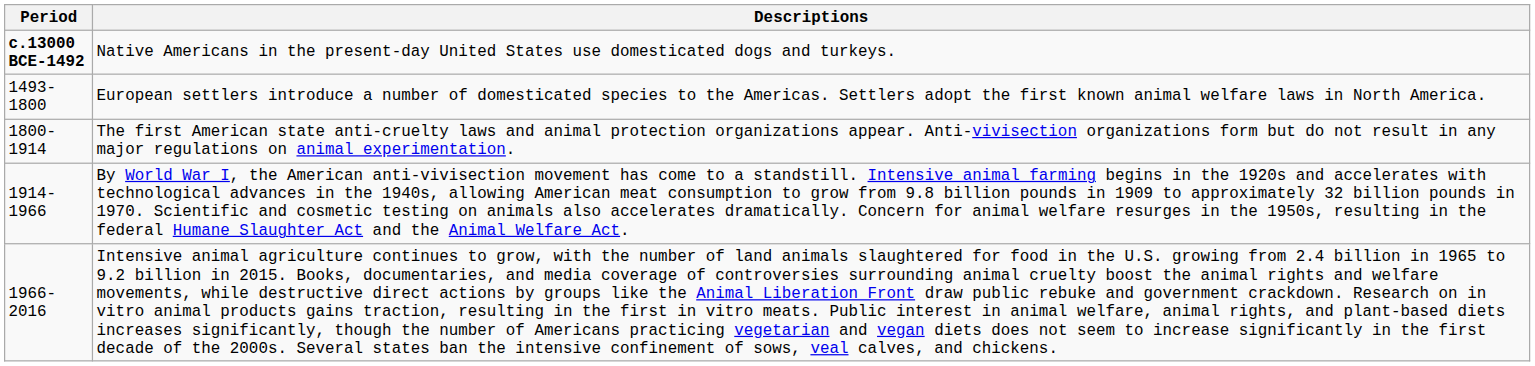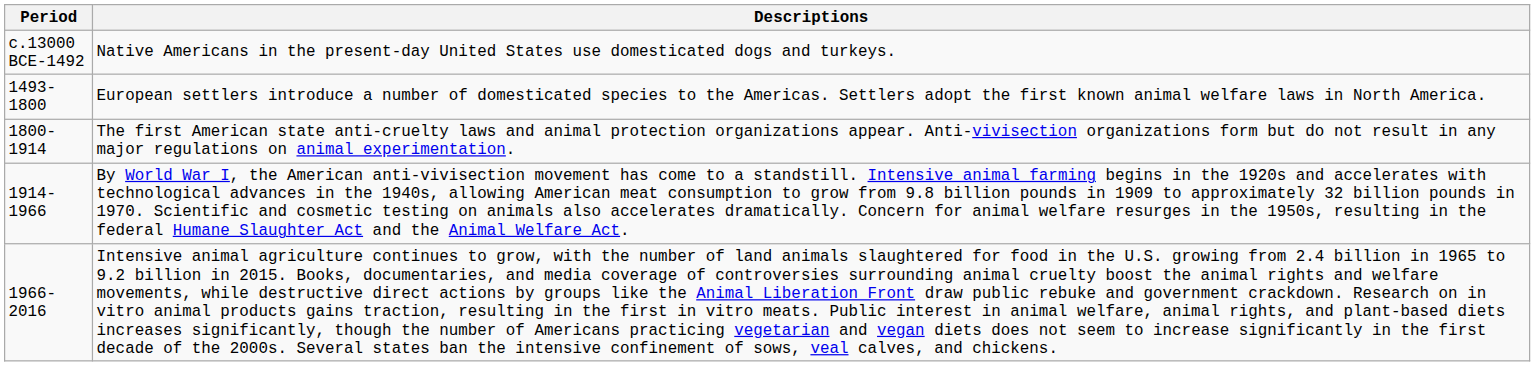 <table class="sortable wikitable">
 <tr>
 <th>Period</th>
 <th>Descriptions</th>
 </tr>
 <tr>
-<td><strong>c.13000 BCE-1492</strong></td>
+<td>c.13000 BCE-1492</td>
 <td>Native Americans in the present-day United States use domesticated dogs and turkeys.</td>
 </tr>
 <tr>
 <td>1493-1800</td>
 <td>European settlers introduce a number of domesticated species to the Americas. Settlers adopt the first known animal welfare laws in North America.</td>
 </tr>
 <tr>
 <td>1800-1914</td>
 <td>The first American state anti-cruelty laws and animal protection organizations appear. Anti-<a href='#'>vivisection</a> organizations form but do not result in any major regulations on <a href='#'>animal experimentation</a>.</td>
 </tr>
 <tr>
 <td>1914-1966</td>
 <td>By <a href='#'>World War I</a>, the American anti-vivisection movement has come to a standstill. <a href='#'>Intensive animal farming</a> begins in the 1920s and accelerates with technological advances in the 1940s, allowing American meat consumption to grow from 9.8 billion pounds in 1909 to approximately 32 billion pounds in 1970. Scientific and cosmetic testing on animals also accelerates dramatically. Concern for animal welfare resurges in the 1950s, resulting in the federal <a href='#'>Humane Slaughter Act</a> and the <a href='#'>Animal Welfare Act</a>.</td>
 </tr>
 <tr>
 <td>1966-2016</td>
 <td>Intensive animal agriculture continues to grow, with the number of land animals slaughtered for food in the U.S. growing from 2.4 billion in 1965 to 9.2 billion in 2015. Books, documentaries, and media coverage of controversies surrounding animal cruelty boost the animal rights and welfare movements, while destructive direct actions by groups like the <a href='#'>Animal Liberation Front</a> draw public rebuke and government crackdown. Research on in vitro animal products gains traction, resulting in the first in vitro meats. Public interest in animal welfare, animal rights, and plant-based diets increases significantly, though the number of Americans practicing <a href='#'>vegetarian</a> and <a href='#'>vegan</a> diets does not seem to increase significantly in the first decade of the 2000s. Several states ban the intensive confinement of sows, <a href='#'>veal</a> calves, and chickens.</td>
 </tr>
 </table>
